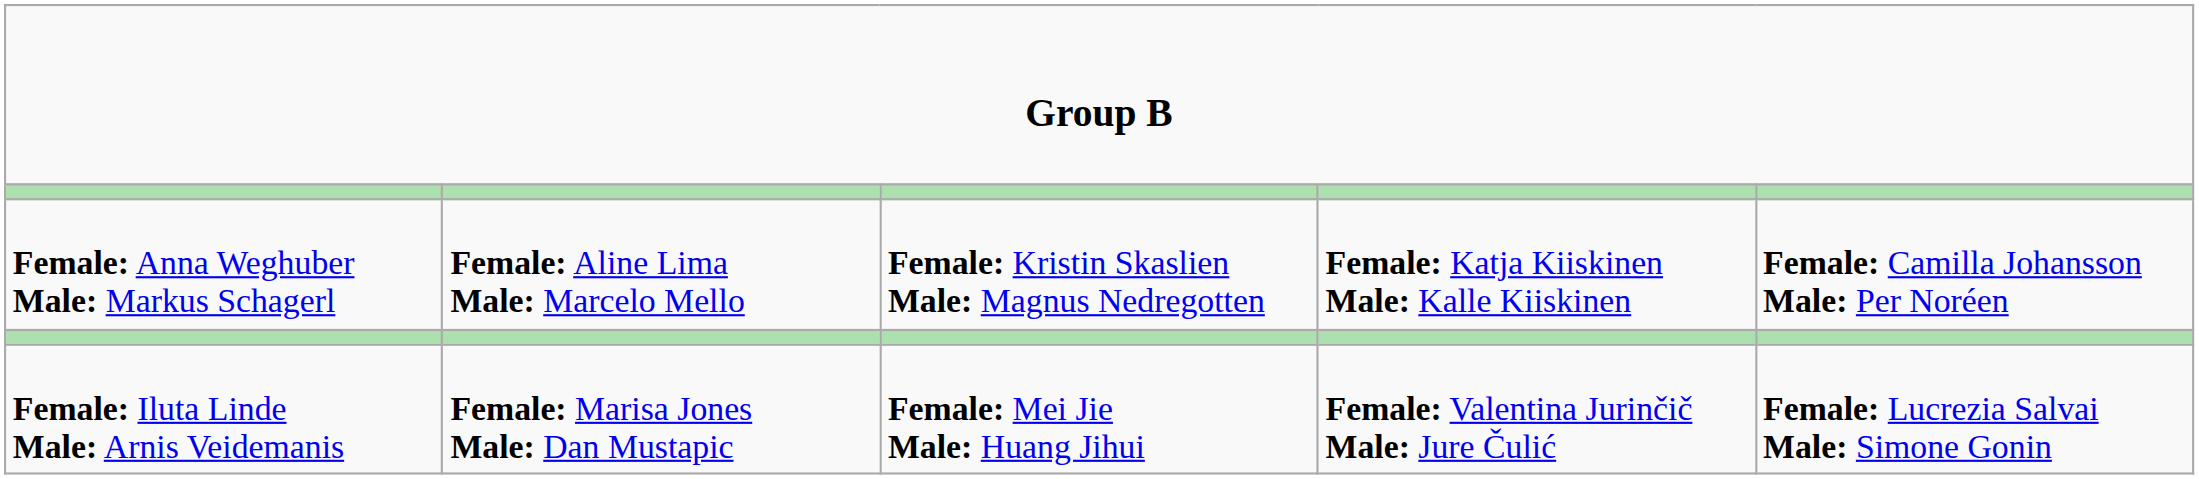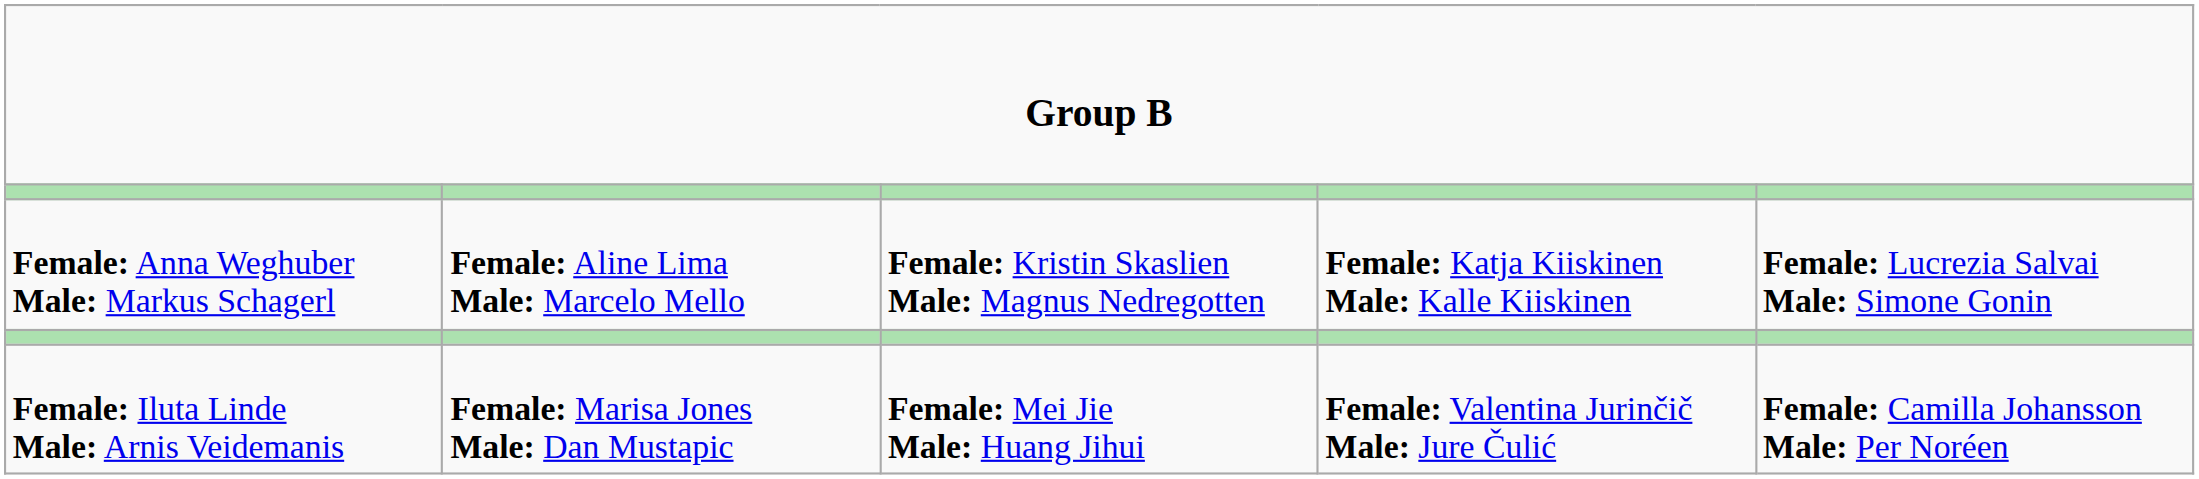 <table class="wikitable">
 <tr>
 <td align=center colspan="5"><br><h3>Group B</h3></td>
 </tr>
 <tr>
 <th style="background: #ACE1AF;" width=200></th>
 <th style="background: #ACE1AF;" width=200></th>
 <th style="background: #ACE1AF;" width=200></th>
 <th style="background: #ACE1AF;" width=200></th>
 <th style="background: #ACE1AF;" width=200></th>
 </tr>
 <tr>
 <td><br><strong>Female:</strong> <a href='#'>Anna Weghuber</a><br> <strong>Male:</strong> <a href='#'>Markus Schagerl</a></td>
 <td><br><strong>Female:</strong> <a href='#'>Aline Lima</a><br> <strong>Male:</strong> <a href='#'>Marcelo Mello</a></td>
 <td><br><strong>Female:</strong> <a href='#'>Kristin Skaslien</a><br> <strong>Male:</strong> <a href='#'>Magnus Nedregotten</a></td>
 <td><br><strong>Female:</strong> <a href='#'>Katja Kiiskinen</a><br> <strong>Male:</strong> <a href='#'>Kalle Kiiskinen</a></td>
-<td><br><strong>Female:</strong> <a href='#'>Camilla Johansson</a><br> <strong>Male:</strong> <a href='#'>Per Noréen</a></td>
+<td><br><strong>Female:</strong> <a href='#'>Lucrezia Salvai</a><br> <strong>Male:</strong> <a href='#'>Simone Gonin</a></td>
 </tr>
 <tr>
 <th style="background: #ACE1AF;" width=200></th>
 <th style="background: #ACE1AF;" width=200></th>
 <th style="background: #ACE1AF;" width=200></th>
 <th style="background: #ACE1AF;" width=200></th>
 <th style="background: #ACE1AF;" width=200></th>
 </tr>
 <tr>
 <td><br><strong>Female:</strong> <a href='#'>Iluta Linde</a><br> <strong>Male:</strong> <a href='#'>Arnis Veidemanis</a></td>
 <td><br><strong>Female:</strong> <a href='#'>Marisa Jones</a><br> <strong>Male:</strong> <a href='#'>Dan Mustapic</a></td>
 <td><br><strong>Female:</strong> <a href='#'>Mei Jie</a><br> <strong>Male:</strong> <a href='#'>Huang Jihui</a></td>
 <td><br><strong>Female:</strong> <a href='#'>Valentina Jurinčič</a><br> <strong>Male:</strong> <a href='#'>Jure Čulić</a></td>
-<td><br><strong>Female:</strong> <a href='#'>Lucrezia Salvai</a><br> <strong>Male:</strong> <a href='#'>Simone Gonin</a></td>
+<td><br><strong>Female:</strong> <a href='#'>Camilla Johansson</a><br> <strong>Male:</strong> <a href='#'>Per Noréen</a></td>
 </tr>
 </table>
